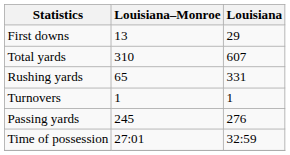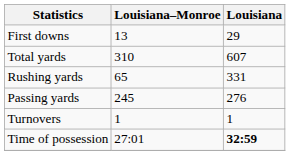 <table class="wikitable">
 <tr>
 <th>Statistics</th>
 <th>Louisiana–Monroe</th>
 <th>Louisiana</th>
 </tr>
 <tr>
 <td>First downs</td>
 <td>13</td>
 <td>29</td>
 </tr>
 <tr>
 <td>Total yards</td>
 <td>310</td>
 <td>607</td>
 </tr>
 <tr>
 <td>Rushing yards</td>
 <td>65</td>
 <td>331</td>
 </tr>
 <tr>
+<td>Passing yards</td>
+<td>245</td>
+<td>276</td>
+</tr>
+<tr>
 <td>Turnovers</td>
 <td>1</td>
 <td>1</td>
 </tr>
 <tr>
-<td>Passing yards</td>
-<td>245</td>
-<td>276</td>
-</tr>
-<tr>
 <td>Time of possession</td>
 <td>27:01</td>
-<td>32:59</td>
+<td><strong>32:59</strong></td>
 </tr>
 <tr>
 </tr>
 </table>
